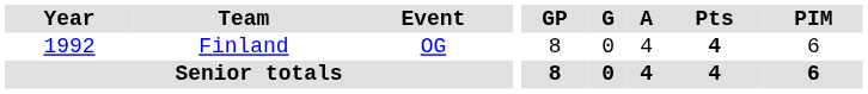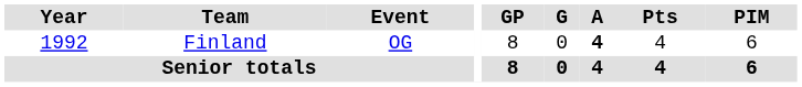 <table border="0" cellpadding="1" cellspacing="0" ID="Table3" style="text-align:center; width:40em">
 <tr ALIGN="center" bgcolor="#e0e0e0">
 <th>Year</th>
 <th>Team</th>
 <th>Event</th>
 <th rowspan="99" bgcolor="#ffffff"></th>
 <th>GP</th>
 <th>G</th>
 <th>A</th>
 <th>Pts</th>
 <th>PIM</th>
 </tr>
 <tr>
 <td><a href='#'>1992</a></td>
 <td><a href='#'>Finland</a></td>
 <td><a href='#'>OG</a></td>
 <td>8</td>
 <td>0</td>
+<td><strong>4</strong></td>
 <td>4</td>
-<td><strong>4</strong></td>
 <td>6</td>
 </tr>
 <tr bgcolor="#e0e0e0">
 <th colspan="3">Senior totals</th>
 <th>8</th>
 <th>0</th>
 <th>4</th>
 <th>4</th>
 <th>6</th>
 </tr>
 </table>
